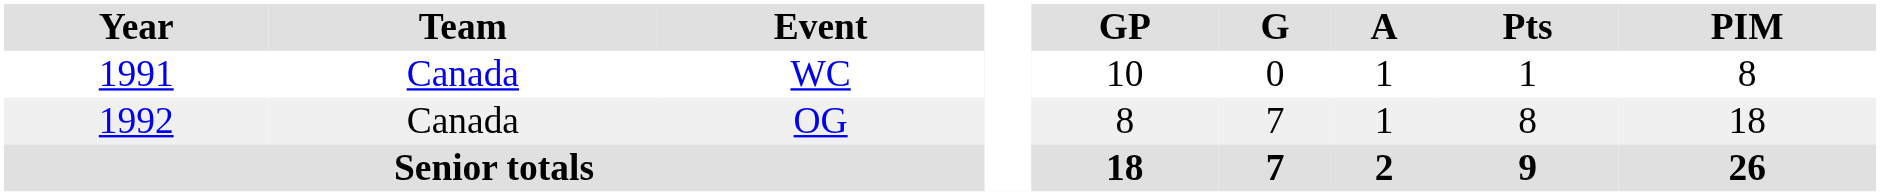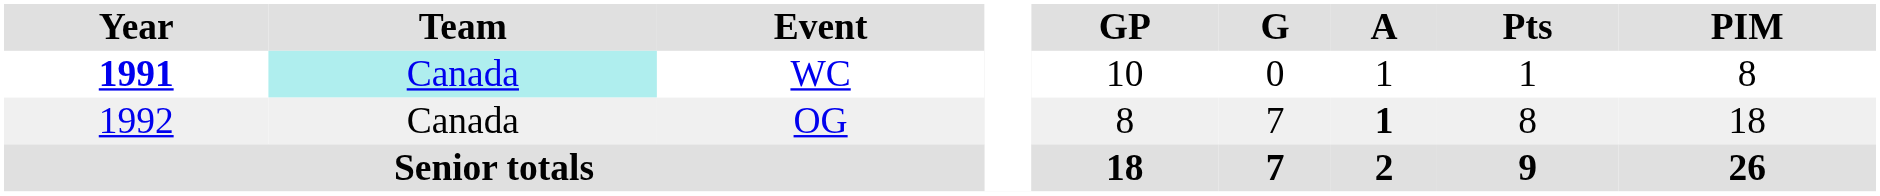 <table border="0" cellpadding="1" cellspacing="0" style="text-align:center; width:50em">
 <tr align="center" bgcolor="#e0e0e0">
 <th>Year</th>
 <th>Team</th>
 <th>Event</th>
 <th rowspan="99" bgcolor="#ffffff"> </th>
 <th>GP</th>
 <th>G</th>
 <th>A</th>
 <th>Pts</th>
 <th>PIM</th>
 </tr>
 <tr>
-<td><a href='#'>1991</a></td>
-<td><a href='#'>Canada</a></td>
+<td><strong><a href='#'>1991</a></strong></td>
+<td style="background: paleturquoise;"><a href='#'>Canada</a></td>
 <td><a href='#'>WC</a></td>
 <td>10</td>
 <td>0</td>
 <td>1</td>
 <td>1</td>
 <td>8</td>
 </tr>
 <tr bgcolor="#f0f0f0">
 <td><a href='#'>1992</a></td>
 <td>Canada</td>
 <td><a href='#'>OG</a></td>
 <td>8</td>
 <td>7</td>
-<td>1</td>
+<td><strong>1</strong></td>
 <td>8</td>
 <td>18</td>
 </tr>
 <tr bgcolor="#e0e0e0">
 <th colspan="3">Senior totals</th>
 <th>18</th>
 <th>7</th>
 <th>2</th>
 <th>9</th>
 <th>26</th>
 </tr>
 </table>
